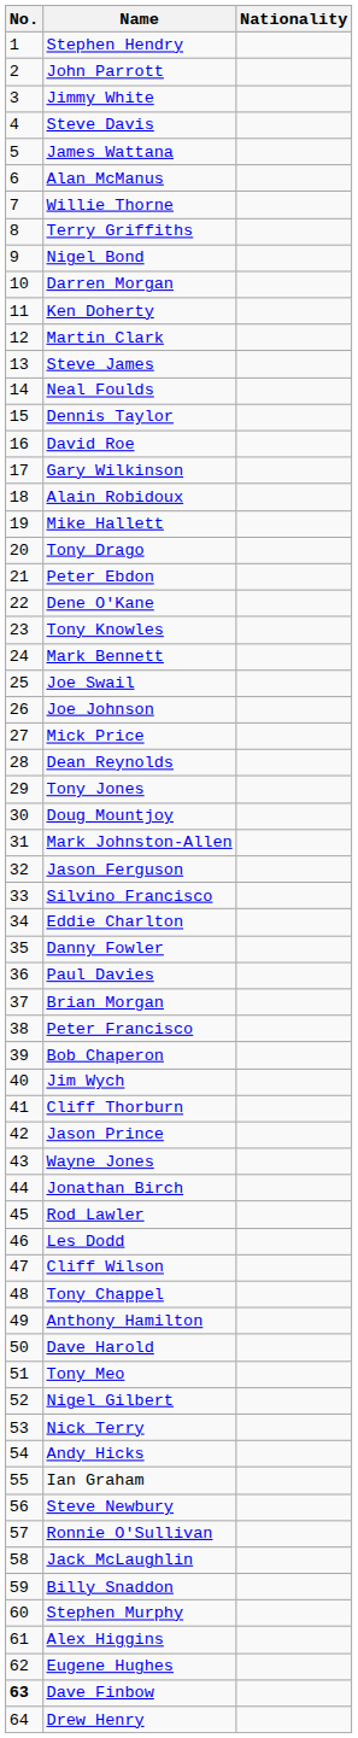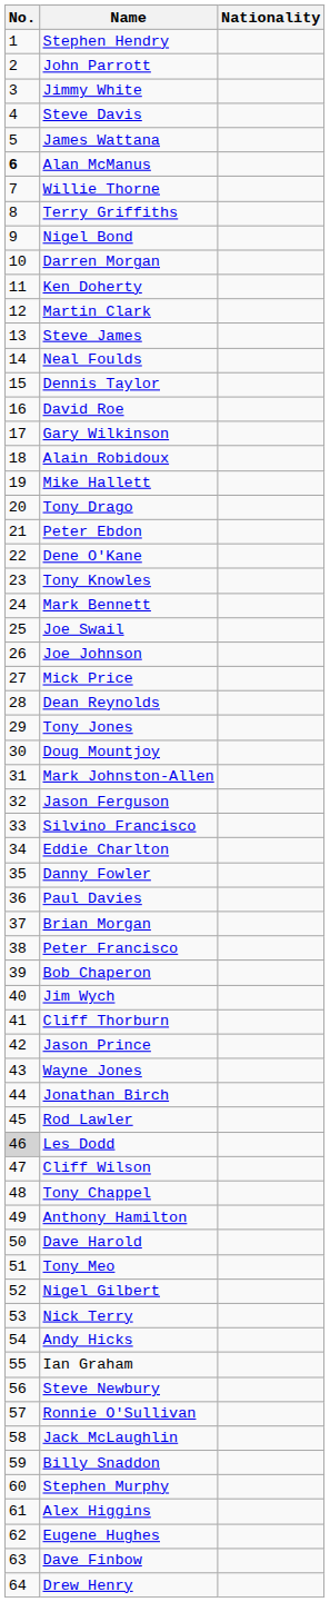 <table class="wikitable">
 <tr>
 <th>No.</th>
 <th align="left">Name</th>
 <th align="left">Nationality</th>
 </tr>
 <tr>
 <td>1</td>
 <td><a href='#'>Stephen Hendry</a></td>
 <td></td>
 </tr>
 <tr>
 <td>2</td>
 <td><a href='#'>John Parrott</a></td>
 <td></td>
 </tr>
 <tr>
 <td>3</td>
 <td><a href='#'>Jimmy White</a></td>
 <td></td>
 </tr>
 <tr>
 <td>4</td>
 <td><a href='#'>Steve Davis</a></td>
 <td></td>
 </tr>
 <tr>
 <td>5</td>
 <td><a href='#'>James Wattana</a></td>
 <td></td>
 </tr>
 <tr>
-<td>6</td>
+<td><strong>6</strong></td>
 <td><a href='#'>Alan McManus</a></td>
 <td></td>
 </tr>
 <tr>
 <td>7</td>
 <td><a href='#'>Willie Thorne</a></td>
 <td></td>
 </tr>
 <tr>
 <td>8</td>
 <td><a href='#'>Terry Griffiths</a></td>
 <td></td>
 </tr>
 <tr>
 <td>9</td>
 <td><a href='#'>Nigel Bond</a></td>
 <td></td>
 </tr>
 <tr>
 <td>10</td>
 <td><a href='#'>Darren Morgan</a></td>
 <td></td>
 </tr>
 <tr>
 <td>11</td>
 <td><a href='#'>Ken Doherty</a></td>
 <td></td>
 </tr>
 <tr>
 <td>12</td>
 <td><a href='#'>Martin Clark</a></td>
 <td></td>
 </tr>
 <tr>
 <td>13</td>
 <td><a href='#'>Steve James</a></td>
 <td></td>
 </tr>
 <tr>
 <td>14</td>
 <td><a href='#'>Neal Foulds</a></td>
 <td></td>
 </tr>
 <tr>
 <td>15</td>
 <td><a href='#'>Dennis Taylor</a></td>
 <td></td>
 </tr>
 <tr>
 <td>16</td>
 <td><a href='#'>David Roe</a></td>
 <td></td>
 </tr>
 <tr>
 <td>17</td>
 <td><a href='#'>Gary Wilkinson</a></td>
 <td></td>
 </tr>
 <tr>
 <td>18</td>
 <td><a href='#'>Alain Robidoux</a></td>
 <td></td>
 </tr>
 <tr>
 <td>19</td>
 <td><a href='#'>Mike Hallett</a></td>
 <td></td>
 </tr>
 <tr>
 <td>20</td>
 <td><a href='#'>Tony Drago</a></td>
 <td></td>
 </tr>
 <tr>
 <td>21</td>
 <td><a href='#'>Peter Ebdon</a></td>
 <td></td>
 </tr>
 <tr>
 <td>22</td>
 <td><a href='#'>Dene O'Kane</a></td>
 <td></td>
 </tr>
 <tr>
 <td>23</td>
 <td><a href='#'>Tony Knowles</a></td>
 <td></td>
 </tr>
 <tr>
 <td>24</td>
 <td><a href='#'>Mark Bennett</a></td>
 <td></td>
 </tr>
 <tr>
 <td>25</td>
 <td><a href='#'>Joe Swail</a></td>
 <td></td>
 </tr>
 <tr>
 <td>26</td>
 <td><a href='#'>Joe Johnson</a></td>
 <td></td>
 </tr>
 <tr>
 <td>27</td>
 <td><a href='#'>Mick Price</a></td>
 <td></td>
 </tr>
 <tr>
 <td>28</td>
 <td><a href='#'>Dean Reynolds</a></td>
 <td></td>
 </tr>
 <tr>
 <td>29</td>
 <td><a href='#'>Tony Jones</a></td>
 <td></td>
 </tr>
 <tr>
 <td>30</td>
 <td><a href='#'>Doug Mountjoy</a></td>
 <td></td>
 </tr>
 <tr>
 <td>31</td>
 <td><a href='#'>Mark Johnston-Allen</a></td>
 <td></td>
 </tr>
 <tr>
 <td>32</td>
 <td><a href='#'>Jason Ferguson</a></td>
 <td></td>
 </tr>
 <tr>
 <td>33</td>
 <td><a href='#'>Silvino Francisco</a></td>
 <td></td>
 </tr>
 <tr>
 <td>34</td>
 <td><a href='#'>Eddie Charlton</a></td>
 <td></td>
 </tr>
 <tr>
 <td>35</td>
 <td><a href='#'>Danny Fowler</a></td>
 <td></td>
 </tr>
 <tr>
 <td>36</td>
 <td><a href='#'>Paul Davies</a></td>
 <td></td>
 </tr>
 <tr>
 <td>37</td>
 <td><a href='#'>Brian Morgan</a></td>
 <td></td>
 </tr>
 <tr>
 <td>38</td>
 <td><a href='#'>Peter Francisco</a></td>
 <td></td>
 </tr>
 <tr>
 <td>39</td>
 <td><a href='#'>Bob Chaperon</a></td>
 <td></td>
 </tr>
 <tr>
 <td>40</td>
 <td><a href='#'>Jim Wych</a></td>
 <td></td>
 </tr>
 <tr>
 <td>41</td>
 <td><a href='#'>Cliff Thorburn</a></td>
 <td></td>
 </tr>
 <tr>
 <td>42</td>
 <td><a href='#'>Jason Prince</a></td>
 <td></td>
 </tr>
 <tr>
 <td>43</td>
 <td><a href='#'>Wayne Jones</a></td>
 <td></td>
 </tr>
 <tr>
 <td>44</td>
 <td><a href='#'>Jonathan Birch</a></td>
 <td></td>
 </tr>
 <tr>
 <td>45</td>
 <td><a href='#'>Rod Lawler</a></td>
 <td></td>
 </tr>
 <tr>
-<td>46</td>
+<td style="background: lightgrey;">46</td>
 <td><a href='#'>Les Dodd</a></td>
 <td></td>
 </tr>
 <tr>
 <td>47</td>
 <td><a href='#'>Cliff Wilson</a></td>
 <td></td>
 </tr>
 <tr>
 <td>48</td>
 <td><a href='#'>Tony Chappel</a></td>
 <td></td>
 </tr>
 <tr>
 <td>49</td>
 <td><a href='#'>Anthony Hamilton</a></td>
 <td></td>
 </tr>
 <tr>
 <td>50</td>
 <td><a href='#'>Dave Harold</a></td>
 <td></td>
 </tr>
 <tr>
 <td>51</td>
 <td><a href='#'>Tony Meo</a></td>
 <td></td>
 </tr>
 <tr>
 <td>52</td>
 <td><a href='#'>Nigel Gilbert</a></td>
 <td></td>
 </tr>
 <tr>
 <td>53</td>
 <td><a href='#'>Nick Terry</a></td>
 <td></td>
 </tr>
 <tr>
 <td>54</td>
 <td><a href='#'>Andy Hicks</a></td>
 <td></td>
 </tr>
 <tr>
 <td>55</td>
 <td>Ian Graham</td>
 <td></td>
 </tr>
 <tr>
 <td>56</td>
 <td><a href='#'>Steve Newbury</a></td>
 <td></td>
 </tr>
 <tr>
 <td>57</td>
 <td><a href='#'>Ronnie O'Sullivan</a></td>
 <td></td>
 </tr>
 <tr>
 <td>58</td>
 <td><a href='#'>Jack McLaughlin</a></td>
 <td></td>
 </tr>
 <tr>
 <td>59</td>
 <td><a href='#'>Billy Snaddon</a></td>
 <td></td>
 </tr>
 <tr>
 <td>60</td>
 <td><a href='#'>Stephen Murphy</a></td>
 <td></td>
 </tr>
 <tr>
 <td>61</td>
 <td><a href='#'>Alex Higgins</a></td>
 <td></td>
 </tr>
 <tr>
 <td>62</td>
 <td><a href='#'>Eugene Hughes</a></td>
 <td></td>
 </tr>
 <tr>
-<td><strong>63</strong></td>
+<td>63</td>
 <td><a href='#'>Dave Finbow</a></td>
 <td></td>
 </tr>
 <tr>
 <td>64</td>
 <td><a href='#'>Drew Henry</a></td>
 <td></td>
 </tr>
 </table>
